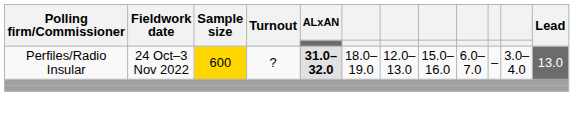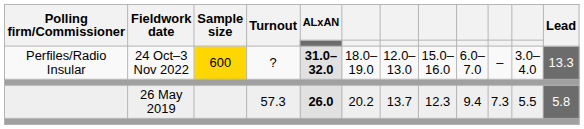 <table class="wikitable collapsible collapsed" style="text-align:center; font-size:95%; line-height:16px;">
 <tr style="height:42px;">
 <th style="width:250px;" rowspan="2">Polling firm/Commissioner</th>
 <th style="width:125px;" rowspan="2">Fieldwork date</th>
 <th style="width:50px;" rowspan="2">Sample size</th>
 <th style="width:45px;" rowspan="2">Turnout</th>
 <th style="width:35px; font-size:85%;">ALxAN</th>
 <th style="width:35px;"></th>
 <th style="width:35px;"></th>
 <th style="width:35px;"></th>
 <th style="width:35px;"></th>
 <th style="width:35px;"></th>
 <th style="width:35px;"></th>
 <th style="width:30px;" rowspan="2">Lead</th>
 </tr>
 <tr>
 <th style="color:inherit;background:#6C6C6C;"></th>
 <th style="color:inherit;background:"></th>
 <th style="color:inherit;background:"></th>
 <th style="color:inherit;background:"></th>
 <th style="color:inherit;background:"></th>
 <th style="color:inherit;background:"></th>
 <th style="color:inherit;background:"></th>
 </tr>
 <tr>
 <td>Perfiles/Radio Insular</td>
 <td>24 Oct–3 Nov 2022</td>
 <td style="background: gold;">600</td>
 <td>?</td>
 <td style="background:#E1E1E1;"><strong>31.0–<br>32.0</strong><br></td>
 <td>18.0–<br>19.0<br></td>
 <td>12.0–<br>13.0<br></td>
 <td>15.0–<br>16.0<br></td>
 <td>6.0–<br>7.0<br></td>
 <td>–</td>
 <td>3.0–<br>4.0<br></td>
-<td style="background:#6C6C6C; color:white;">13.0</td>
+<td style="background:#6C6C6C; color:white;">13.3</td>
 </tr>
 <tr>
 <td colspan="12" style="background:#A0A0A0"></td>
+</tr>
+<tr style="background:#EFEFEF;">
+<td><strong></strong></td>
+<td>26 May 2019</td>
+<td></td>
+<td>57.3</td>
+<td style="background:#E1E1E1;"><strong>26.0</strong><br></td>
+<td>20.2<br></td>
+<td>13.7<br></td>
+<td>12.3<br></td>
+<td>9.4<br></td>
+<td>7.3<br></td>
+<td>5.5<br></td>
+<td style="background:#6C6C6C; color:white;">5.8</td>
 </tr>
 <tr>
 <td colspan="12" style="background:#A0A0A0"></td>
 </tr>
 </table>
